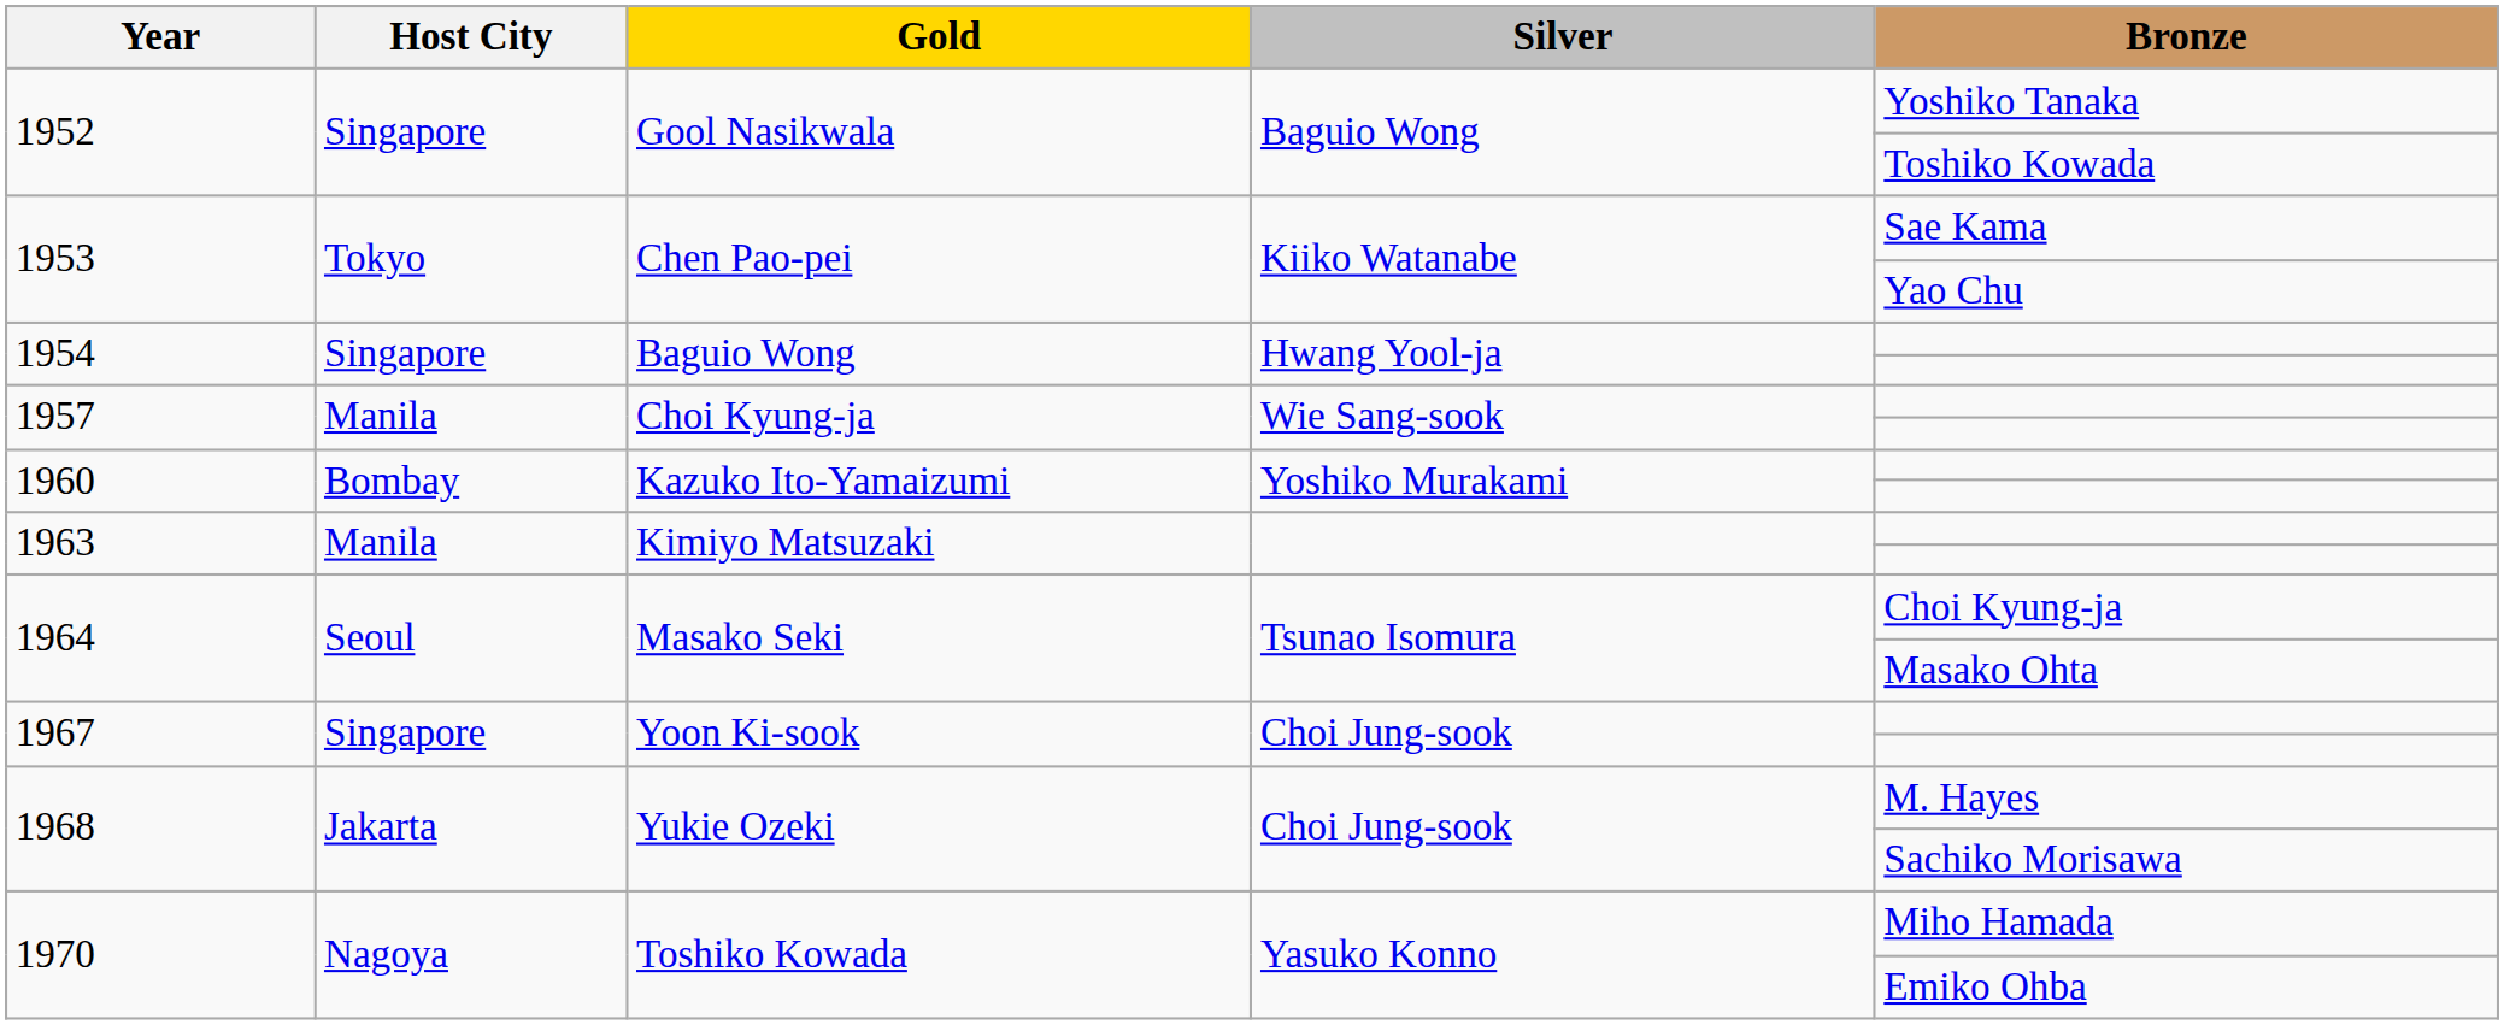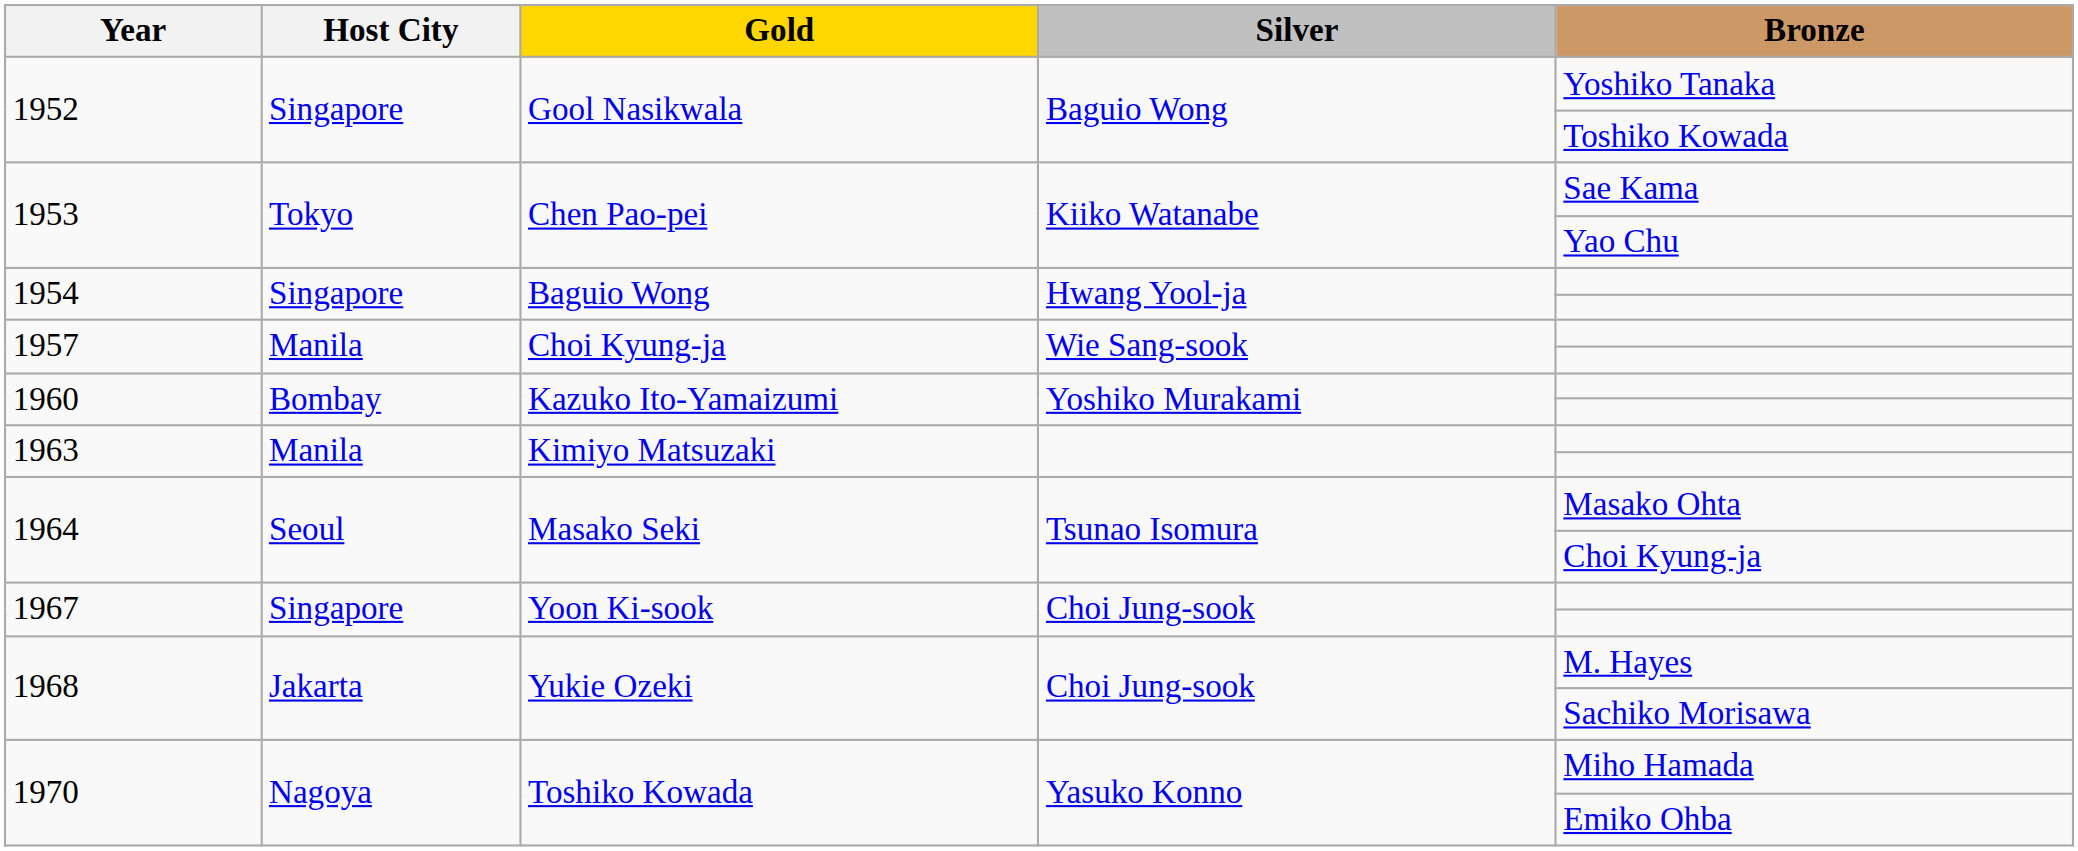 <table class="wikitable" style="text-align:left; width:1000px;">
 <tr>
 <th width="120">Year</th>
 <th width="120">Host City</th>
 <th width="250" style="background-color: gold">Gold</th>
 <th width="250" style="background-color: silver">Silver</th>
 <th width="250" style="background-color: #cc9966">Bronze</th>
 </tr>
 <tr>
 <td rowspan=2>1952</td>
 <td rowspan=2><a href='#'>Singapore</a></td>
 <td rowspan=2> <a href='#'>Gool Nasikwala</a></td>
 <td rowspan=2> <a href='#'>Baguio Wong</a></td>
 <td> <a href='#'>Yoshiko Tanaka</a></td>
 </tr>
 <tr>
 <td> <a href='#'>Toshiko Kowada</a></td>
 </tr>
 <tr>
 <td rowspan=2>1953</td>
 <td rowspan=2><a href='#'>Tokyo</a></td>
 <td rowspan=2> <a href='#'>Chen Pao-pei</a></td>
 <td rowspan=2> <a href='#'>Kiiko Watanabe</a></td>
 <td> <a href='#'>Sae Kama</a></td>
 </tr>
 <tr>
 <td> <a href='#'>Yao Chu</a></td>
 </tr>
 <tr>
 <td rowspan=2>1954</td>
 <td rowspan=2><a href='#'>Singapore</a></td>
 <td rowspan=2> <a href='#'>Baguio Wong</a></td>
 <td rowspan=2> <a href='#'>Hwang Yool-ja</a></td>
 <td></td>
 </tr>
 <tr>
 <td></td>
 </tr>
 <tr>
 <td rowspan=2>1957</td>
 <td rowspan=2><a href='#'>Manila</a></td>
 <td rowspan=2> <a href='#'>Choi Kyung-ja</a></td>
 <td rowspan=2> <a href='#'>Wie Sang-sook</a></td>
 <td></td>
 </tr>
 <tr>
 <td></td>
 </tr>
 <tr>
 <td rowspan=2>1960</td>
 <td rowspan=2><a href='#'>Bombay</a></td>
 <td rowspan=2> <a href='#'>Kazuko Ito-Yamaizumi</a></td>
 <td rowspan=2> <a href='#'>Yoshiko Murakami</a></td>
 <td></td>
 </tr>
 <tr>
 <td></td>
 </tr>
 <tr>
 <td rowspan=2>1963</td>
 <td rowspan=2><a href='#'>Manila</a></td>
 <td rowspan=2> <a href='#'>Kimiyo Matsuzaki</a></td>
 <td rowspan=2></td>
 <td></td>
 </tr>
 <tr>
 <td></td>
 </tr>
 <tr>
 <td rowspan=2>1964</td>
 <td rowspan=2><a href='#'>Seoul</a></td>
 <td rowspan=2> <a href='#'>Masako Seki</a></td>
 <td rowspan=2> <a href='#'>Tsunao Isomura</a></td>
-<td> <a href='#'>Choi Kyung-ja</a></td>
+<td> <a href='#'>Masako Ohta</a></td>
 </tr>
 <tr>
-<td> <a href='#'>Masako Ohta</a></td>
+<td> <a href='#'>Choi Kyung-ja</a></td>
 </tr>
 <tr>
 <td rowspan=2>1967</td>
 <td rowspan=2><a href='#'>Singapore</a></td>
 <td rowspan=2> <a href='#'>Yoon Ki-sook</a></td>
 <td rowspan=2> <a href='#'>Choi Jung-sook</a></td>
 <td></td>
 </tr>
 <tr>
 <td></td>
 </tr>
 <tr>
 <td rowspan=2>1968</td>
 <td rowspan=2><a href='#'>Jakarta</a></td>
 <td rowspan=2> <a href='#'>Yukie Ozeki</a></td>
 <td rowspan=2> <a href='#'>Choi Jung-sook</a></td>
 <td> <a href='#'>M. Hayes</a></td>
 </tr>
 <tr>
 <td> <a href='#'>Sachiko Morisawa</a></td>
 </tr>
 <tr>
 <td rowspan=2>1970</td>
 <td rowspan=2><a href='#'>Nagoya</a></td>
 <td rowspan=2> <a href='#'>Toshiko Kowada</a></td>
 <td rowspan=2> <a href='#'>Yasuko Konno</a></td>
 <td> <a href='#'>Miho Hamada</a></td>
 </tr>
 <tr>
 <td> <a href='#'>Emiko Ohba</a></td>
 </tr>
 </table>
